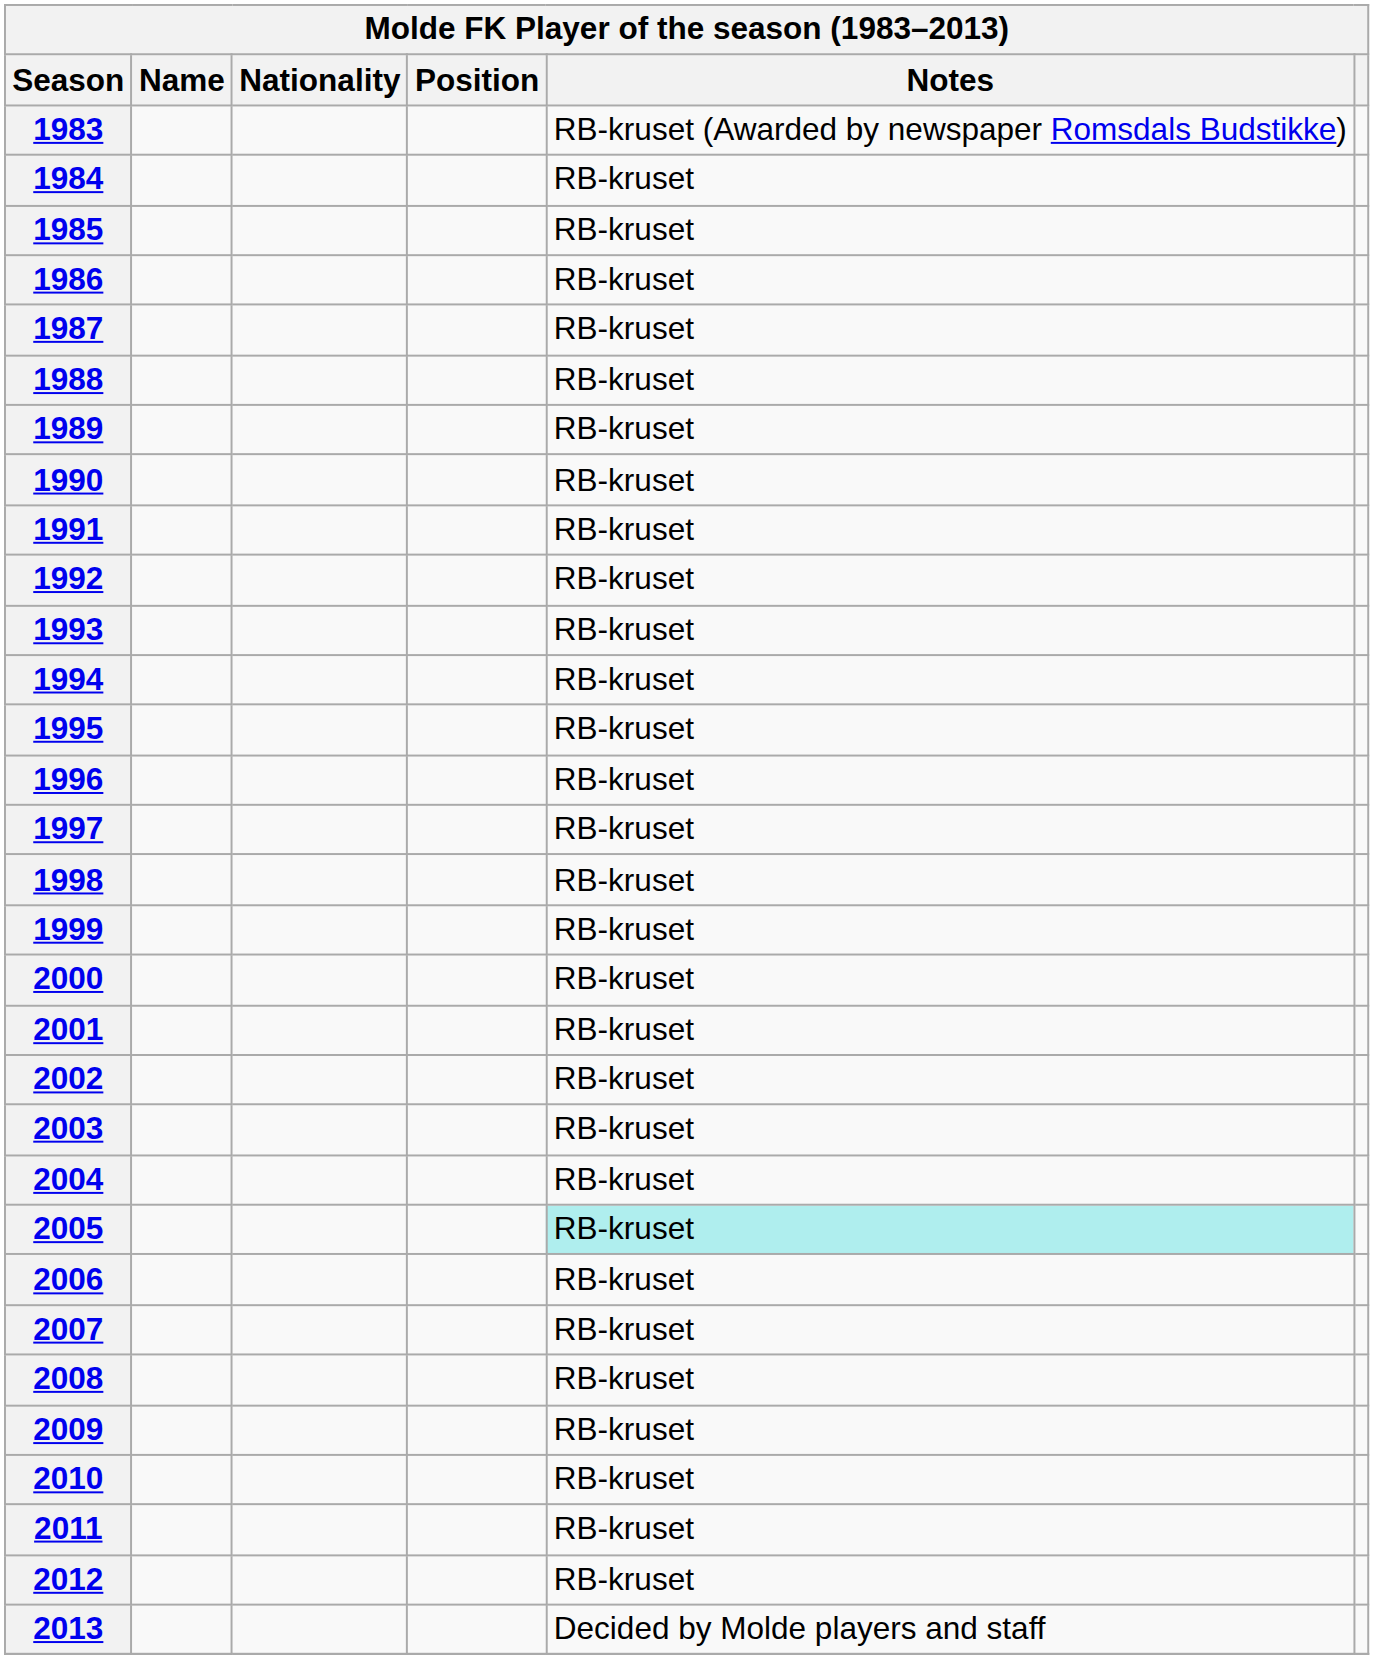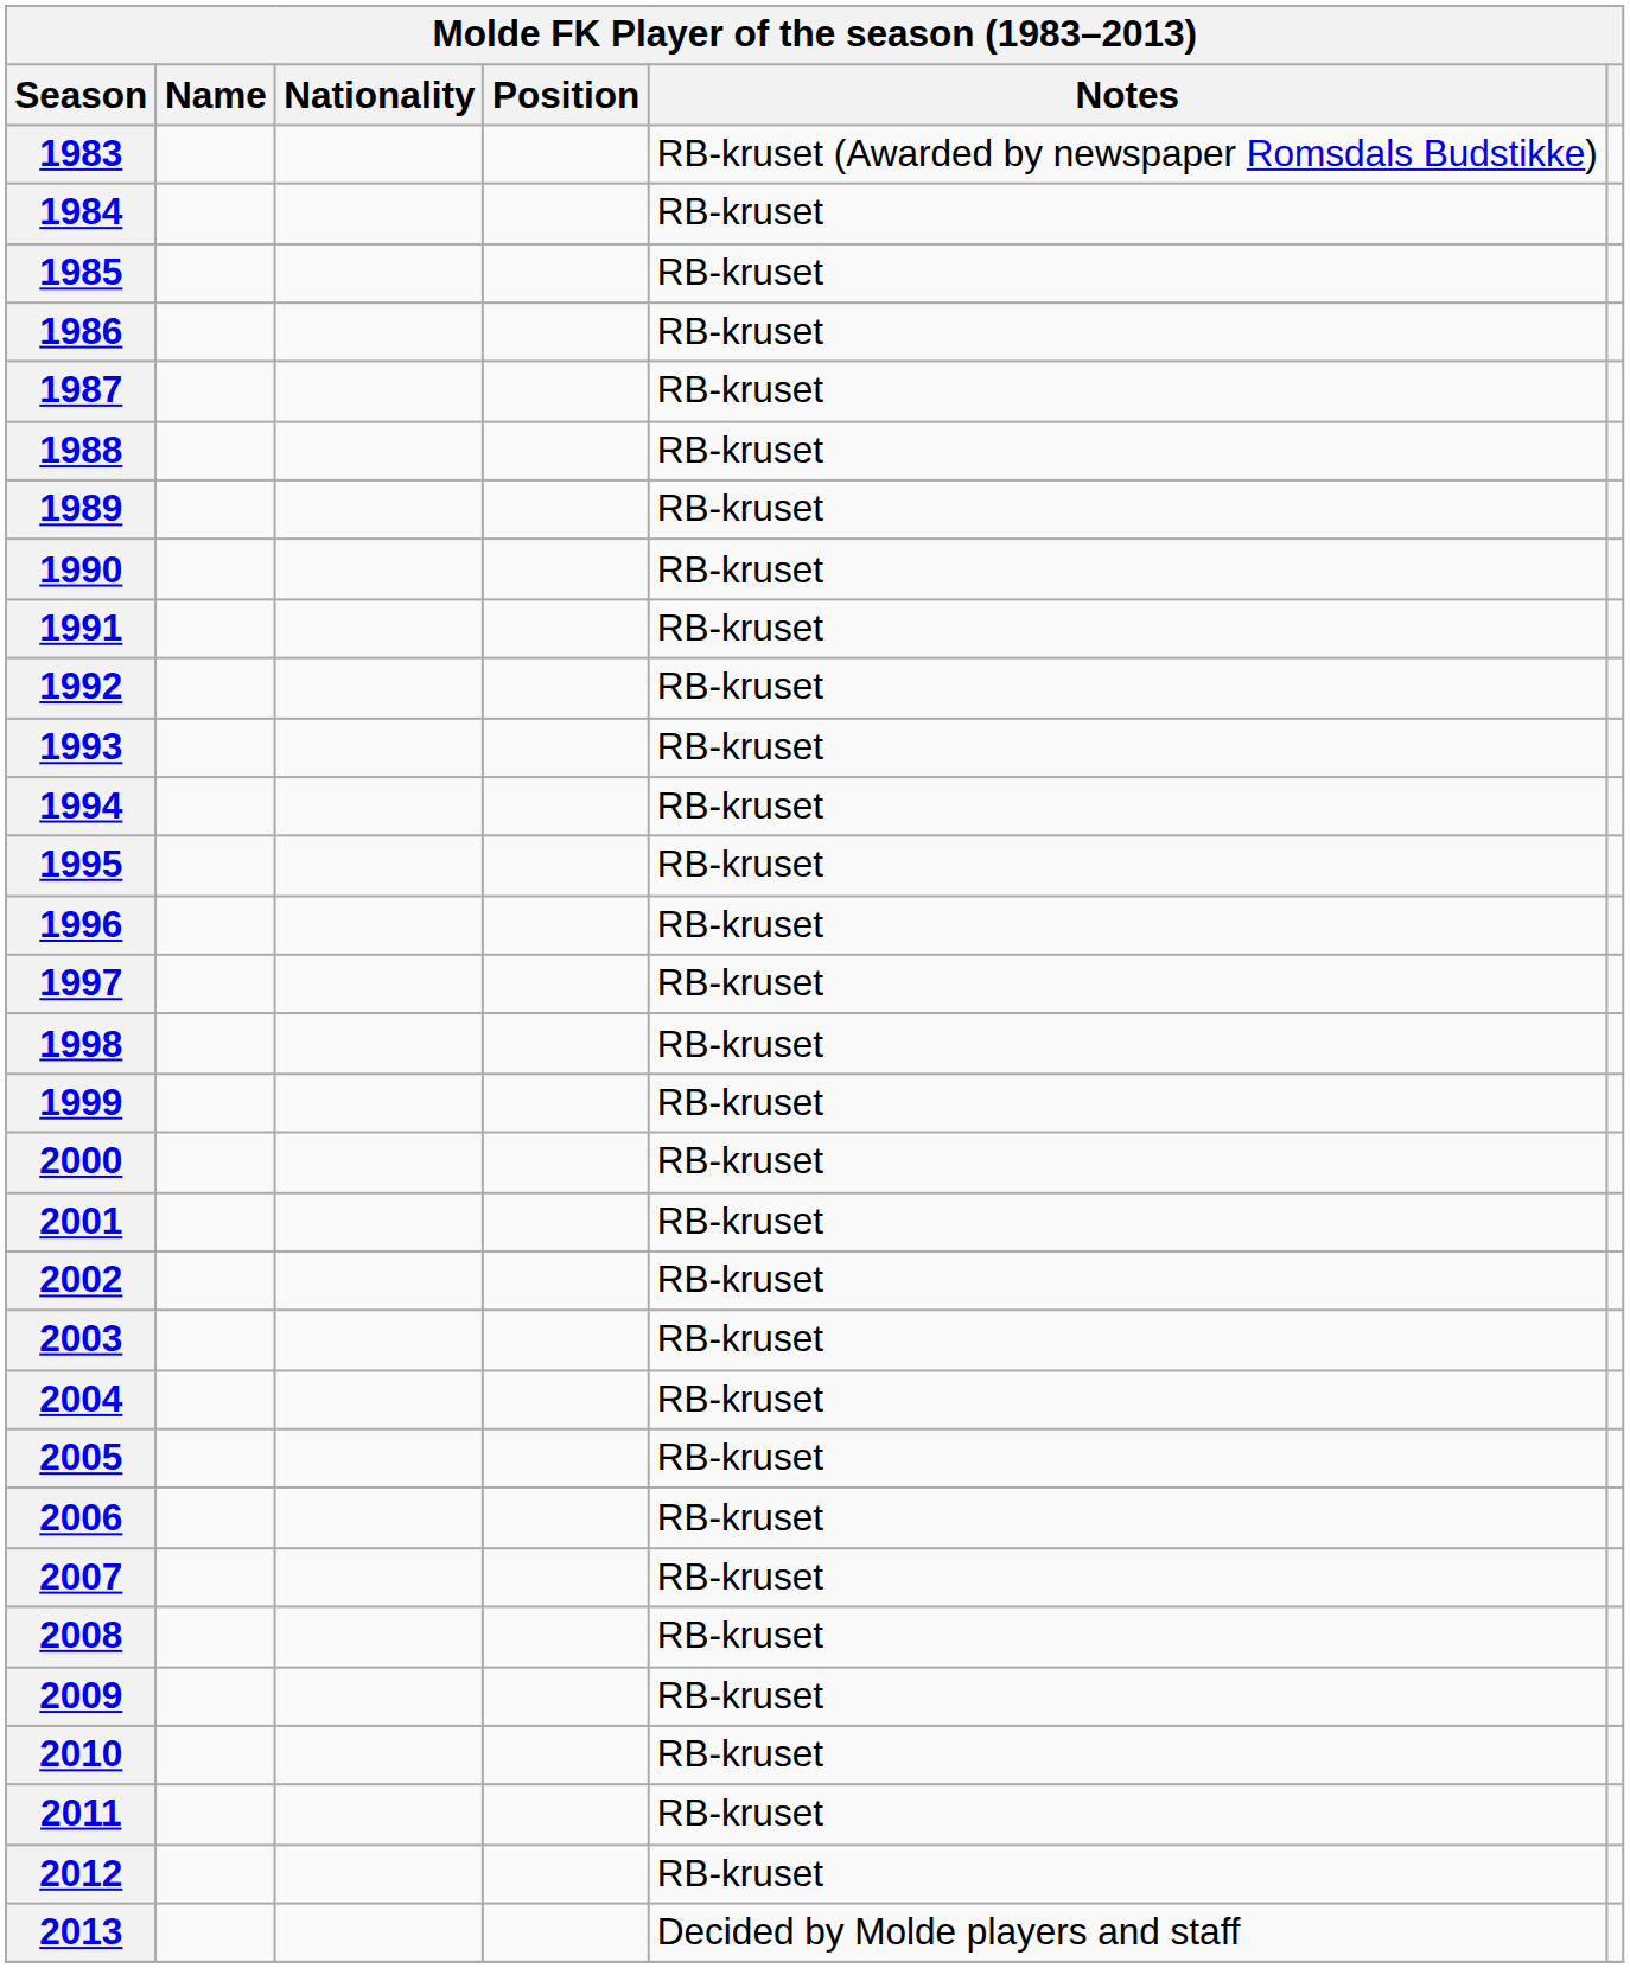 <table class="collapsible collapsed wikitable plainrowheaders sortable">
 <tr>
 <th scope="col" colspan="6">Molde FK Player of the season (1983–2013)</th>
 </tr>
 <tr>
 <th scope="col">Season</th>
 <th scope="col">Name</th>
 <th scope="col">Nationality</th>
 <th scope="col">Position</th>
 <th scope="col">Notes</th>
 <th scope="col" class="unsortable"></th>
 </tr>
 <tr>
 <th scope="row" style="text-align:center"><a href='#'>1983</a></th>
 <td></td>
 <td></td>
 <td></td>
 <td>RB-kruset (Awarded by newspaper <a href='#'>Romsdals Budstikke</a>)</td>
 <td></td>
 </tr>
 <tr>
 <th scope="row" style="text-align:center"><a href='#'>1984</a></th>
 <td></td>
 <td></td>
 <td></td>
 <td>RB-kruset</td>
 <td></td>
 </tr>
 <tr>
 <th scope="row" style="text-align:center"><a href='#'>1985</a></th>
 <td></td>
 <td></td>
 <td></td>
 <td>RB-kruset</td>
 <td></td>
 </tr>
 <tr>
 <th scope="row" style="text-align:center"><a href='#'>1986</a></th>
 <td></td>
 <td></td>
 <td></td>
 <td>RB-kruset</td>
 <td></td>
 </tr>
 <tr>
 <th scope="row" style="text-align:center"><a href='#'>1987</a></th>
 <td></td>
 <td></td>
 <td></td>
 <td>RB-kruset</td>
 <td></td>
 </tr>
 <tr>
 <th scope="row" style="text-align:center"><a href='#'>1988</a></th>
 <td></td>
 <td></td>
 <td></td>
 <td>RB-kruset</td>
 <td></td>
 </tr>
 <tr>
 <th scope="row" style="text-align:center"><a href='#'>1989</a></th>
 <td></td>
 <td></td>
 <td></td>
 <td>RB-kruset</td>
 <td></td>
 </tr>
 <tr>
 <th scope="row" style="text-align:center"><a href='#'>1990</a></th>
 <td></td>
 <td></td>
 <td></td>
 <td>RB-kruset</td>
 <td></td>
 </tr>
 <tr>
 <th scope="row" style="text-align:center"><a href='#'>1991</a></th>
 <td></td>
 <td></td>
 <td></td>
 <td>RB-kruset</td>
 <td></td>
 </tr>
 <tr>
 <th scope="row" style="text-align:center"><a href='#'>1992</a></th>
 <td></td>
 <td></td>
 <td></td>
 <td>RB-kruset</td>
 <td></td>
 </tr>
 <tr>
 <th scope="row" style="text-align:center"><a href='#'>1993</a></th>
 <td></td>
 <td></td>
 <td></td>
 <td>RB-kruset</td>
 <td></td>
 </tr>
 <tr>
 <th scope="row" style="text-align:center"><a href='#'>1994</a></th>
 <td></td>
 <td></td>
 <td></td>
 <td>RB-kruset</td>
 <td></td>
 </tr>
 <tr>
 <th scope="row" style="text-align:center"><a href='#'>1995</a></th>
 <td></td>
 <td></td>
 <td></td>
 <td>RB-kruset</td>
 <td></td>
 </tr>
 <tr>
 <th scope="row" style="text-align:center"><a href='#'>1996</a></th>
 <td></td>
 <td></td>
 <td></td>
 <td>RB-kruset</td>
 <td></td>
 </tr>
 <tr>
 <th scope="row" style="text-align:center"><a href='#'>1997</a></th>
 <td></td>
 <td></td>
 <td></td>
 <td>RB-kruset</td>
 <td></td>
 </tr>
 <tr>
 <th scope="row" style="text-align:center"><a href='#'>1998</a></th>
 <td></td>
 <td></td>
 <td></td>
 <td>RB-kruset</td>
 <td></td>
 </tr>
 <tr>
 <th scope="row" style="text-align:center"><a href='#'>1999</a></th>
 <td></td>
 <td></td>
 <td></td>
 <td>RB-kruset</td>
 <td></td>
 </tr>
 <tr>
 <th scope="row" style="text-align:center"><a href='#'>2000</a></th>
 <td></td>
 <td></td>
 <td></td>
 <td>RB-kruset</td>
 <td></td>
 </tr>
 <tr>
 <th scope="row" style="text-align:center"><a href='#'>2001</a></th>
 <td></td>
 <td></td>
 <td></td>
 <td>RB-kruset</td>
 <td></td>
 </tr>
 <tr>
 <th scope="row" style="text-align:center"><a href='#'>2002</a></th>
 <td></td>
 <td></td>
 <td></td>
 <td>RB-kruset</td>
 <td></td>
 </tr>
 <tr>
 <th scope="row" style="text-align:center"><a href='#'>2003</a></th>
 <td></td>
 <td></td>
 <td></td>
 <td>RB-kruset</td>
 <td></td>
 </tr>
 <tr>
 <th scope="row" style="text-align:center"><a href='#'>2004</a></th>
 <td></td>
 <td></td>
 <td></td>
 <td>RB-kruset</td>
 <td></td>
 </tr>
 <tr>
 <th scope="row" style="text-align:center"><a href='#'>2005</a></th>
 <td></td>
 <td></td>
 <td></td>
-<td style="background: paleturquoise;">RB-kruset</td>
+<td>RB-kruset</td>
 <td></td>
 </tr>
 <tr>
 <th scope="row" style="text-align:center"><a href='#'>2006</a></th>
 <td></td>
 <td></td>
 <td></td>
 <td>RB-kruset</td>
 <td></td>
 </tr>
 <tr>
 <th scope="row" style="text-align:center"><a href='#'>2007</a></th>
 <td></td>
 <td></td>
 <td></td>
 <td>RB-kruset</td>
 <td></td>
 </tr>
 <tr>
 <th scope="row" style="text-align:center"><a href='#'>2008</a></th>
 <td></td>
 <td></td>
 <td></td>
 <td>RB-kruset</td>
 <td></td>
 </tr>
 <tr>
 <th scope="row" style="text-align:center"><a href='#'>2009</a></th>
 <td></td>
 <td></td>
 <td></td>
 <td>RB-kruset</td>
 <td></td>
 </tr>
 <tr>
 <th scope="row" style="text-align:center"><a href='#'>2010</a></th>
 <td></td>
 <td></td>
 <td></td>
 <td>RB-kruset</td>
 <td></td>
 </tr>
 <tr>
 <th scope="row" style="text-align:center"><a href='#'>2011</a></th>
 <td></td>
 <td></td>
 <td></td>
 <td>RB-kruset</td>
 <td></td>
 </tr>
 <tr>
 <th scope="row" style="text-align:center"><a href='#'>2012</a></th>
 <td></td>
 <td></td>
 <td></td>
 <td>RB-kruset</td>
 <td></td>
 </tr>
 <tr>
 <th scope="row" style="text-align:center"><a href='#'>2013</a></th>
 <td></td>
 <td></td>
 <td></td>
 <td>Decided by Molde players and staff</td>
 <td></td>
 </tr>
 <tr>
 </tr>
 </table>
